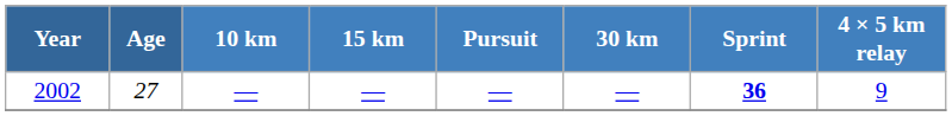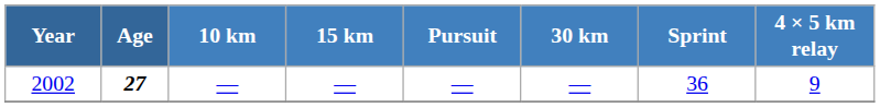 <table class="wikitable" style="font-size:95%; text-align:center; border:grey solid 1px; border-collapse:collapse; background:#ffffff;">
 <tr>
 <th style="background-color:#369; color:white; width:60px;"> Year </th>
 <th style="background-color:#369; color:white; width:40px;"> Age </th>
 <th style="background-color:#4180be; color:white; width:75px;"> 10 km </th>
 <th style="background-color:#4180be; color:white; width:75px;"> 15 km </th>
 <th style="background-color:#4180be; color:white; width:75px;"> Pursuit </th>
 <th style="background-color:#4180be; color:white; width:75px;"> 30 km </th>
 <th style="background-color:#4180be; color:white; width:75px;"> Sprint </th>
 <th style="background-color:#4180be; color:white; width:75px;"> 4 × 5 km <br> relay </th>
 </tr>
 <tr>
 <td><a href='#'>2002</a></td>
-<td><em>27</em></td>
+<td><strong><em>27</em></strong></td>
 <td><a href='#'>—</a></td>
 <td><a href='#'>—</a></td>
 <td><a href='#'>—</a></td>
 <td><a href='#'>—</a></td>
-<td><strong><a href='#'>36</a></strong></td>
+<td><a href='#'>36</a></td>
 <td><a href='#'>9</a></td>
 </tr>
 <tr>
 </tr>
 </table>
